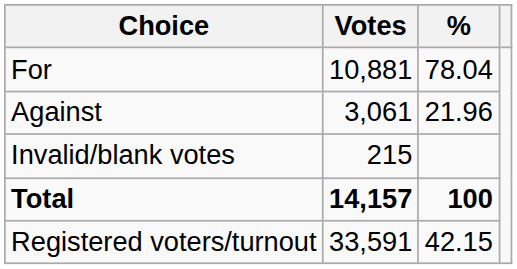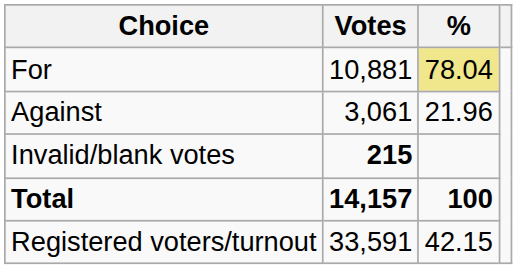 <table class="wikitable" style="text-align:right">
 <tr>
 <th>Choice</th>
 <th>Votes</th>
 <th>%</th>
 <th></th>
 </tr>
 <tr>
 <td align="left">For</td>
 <td>10,881</td>
-<td>78.04</td>
+<td style="background: khaki;">78.04</td>
 <td rowspan="5"></td>
 </tr>
 <tr>
 <td align="left">Against</td>
 <td>3,061</td>
 <td>21.96</td>
 </tr>
 <tr>
 <td align="left">Invalid/blank votes</td>
-<td>215</td>
+<td><strong>215</strong></td>
 <td></td>
 </tr>
 <tr>
 <td align="left"><strong>Total</strong></td>
 <td><strong>14,157</strong></td>
 <td><strong>100</strong></td>
 </tr>
 <tr>
 <td align="left">Registered voters/turnout</td>
 <td>33,591</td>
 <td>42.15</td>
 </tr>
 </table>
